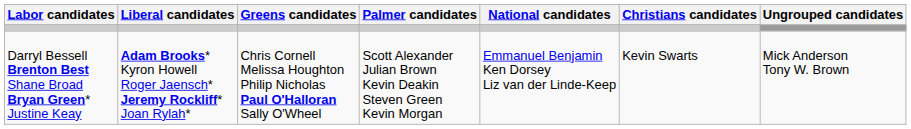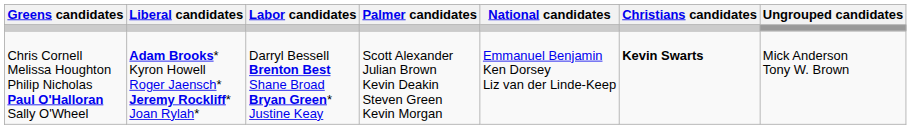 <table class="wikitable">
 <tr>
+<th><a href='#'>Greens</a> candidates</th>
+<th><a href='#'>Liberal</a> candidates</th>
 <th><a href='#'>Labor</a> candidates</th>
-<th><a href='#'>Liberal</a> candidates</th>
-<th><a href='#'>Greens</a> candidates</th>
 <th><a href='#'>Palmer</a> candidates</th>
 <th><a href='#'>National</a> candidates</th>
 <th><a href='#'>Christians</a> candidates</th>
 <th>Ungrouped candidates</th>
 </tr>
 <tr bgcolor="#cccccc">
 <td></td>
 <td></td>
 <td></td>
 <td></td>
 <td></td>
 <td></td>
 <td bgcolor="#999999"></td>
 </tr>
 <tr>
+<td valign=top><br>Chris Cornell<br> Melissa Houghton<br> Philip Nicholas<br> <strong><a href='#'>Paul O'Halloran</a></strong><br> Sally O'Wheel</td>
+<td><br><strong><a href='#'>Adam Brooks</a></strong>*<br> Kyron Howell<br> <a href='#'>Roger Jaensch</a>*<br> <strong><a href='#'>Jeremy Rockliff</a></strong>*<br> <a href='#'>Joan Rylah</a>*</td>
 <td><br>Darryl Bessell<br> <strong><a href='#'>Brenton Best</a></strong><br> <a href='#'>Shane Broad</a><br> <strong><a href='#'>Bryan Green</a></strong>*<br> <a href='#'>Justine Keay</a></td>
-<td><br><strong><a href='#'>Adam Brooks</a></strong>*<br> Kyron Howell<br> <a href='#'>Roger Jaensch</a>*<br> <strong><a href='#'>Jeremy Rockliff</a></strong>*<br> <a href='#'>Joan Rylah</a>*</td>
-<td valign=top><br>Chris Cornell<br> Melissa Houghton<br> Philip Nicholas<br> <strong><a href='#'>Paul O'Halloran</a></strong><br> Sally O'Wheel</td>
 <td valign=top><br>Scott Alexander<br> Julian Brown<br> Kevin Deakin<br> Steven Green<br> Kevin Morgan</td>
 <td valign=top><br><a href='#'>Emmanuel Benjamin</a><br> Ken Dorsey<br> Liz van der Linde-Keep</td>
-<td valign=top><br>Kevin Swarts</td>
+<td valign=top><strong><br>Kevin Swarts</strong></td>
 <td valign=top><br>Mick Anderson<br> Tony W. Brown</td>
 </tr>
 </table>
